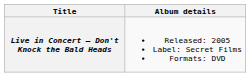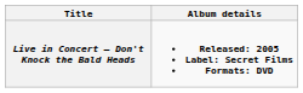 <table class="wikitable plainrowheaders" style="text-align:center;">
 <tr>
 <th scope="col" style="width:15em;">Title</th>
 <th scope="col" style="width:15em;">Album details</th>
 </tr>
 <tr>
 <th scope="row"><em>Live in Concert – Don't Knock the Bald Heads</em></th>
-<td><br><ul><li>Released: 2005</li><li>Label: Secret Films</li><li>Formats: DVD</li></ul></td>
+<td><strong><br><ul><li>Released: 2005</li><li>Label: Secret Films</li><li>Formats: DVD</li></ul></strong></td>
 </tr>
 </table>
